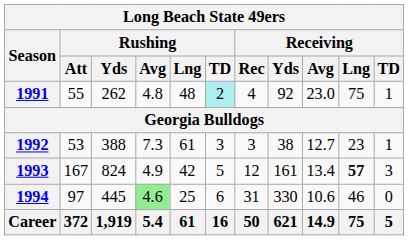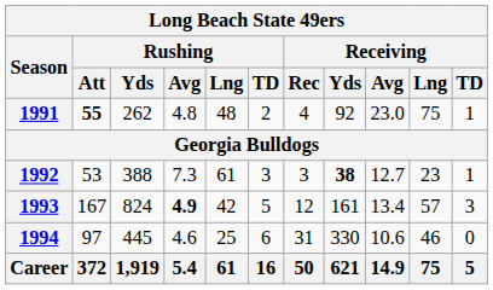 <table class=wikitable style="text-align:center">
 <tr>
 <th colspan="11">Long Beach State 49ers</th>
 </tr>
 <tr>
 <th rowspan="2">Season</th>
 <th colspan="5">Rushing</th>
 <th colspan="5">Receiving</th>
 </tr>
 <tr>
 <th>Att</th>
 <th>Yds</th>
 <th>Avg</th>
 <th>Lng</th>
 <th>TD</th>
 <th>Rec</th>
 <th>Yds</th>
 <th>Avg</th>
 <th>Lng</th>
 <th>TD</th>
 </tr>
 <tr>
 <th><a href='#'>1991</a></th>
-<td>55</td>
+<td><strong>55</strong></td>
 <td>262</td>
 <td>4.8</td>
 <td>48</td>
-<td style="background: paleturquoise;">2</td>
+<td>2</td>
 <td>4</td>
 <td>92</td>
 <td>23.0</td>
 <td>75</td>
 <td>1</td>
 </tr>
 <tr>
 <th colspan="11">Georgia Bulldogs</th>
 </tr>
 <tr>
 <th><a href='#'>1992</a></th>
 <td>53</td>
 <td>388</td>
 <td>7.3</td>
 <td>61</td>
 <td>3</td>
 <td>3</td>
-<td>38</td>
+<td><strong>38</strong></td>
 <td>12.7</td>
 <td>23</td>
 <td>1</td>
 </tr>
 <tr>
 <th><a href='#'>1993</a></th>
 <td>167</td>
 <td>824</td>
-<td>4.9</td>
+<td><strong>4.9</strong></td>
 <td>42</td>
 <td>5</td>
 <td>12</td>
 <td>161</td>
 <td>13.4</td>
-<td><strong>57</strong></td>
+<td>57</td>
 <td>3</td>
 </tr>
 <tr>
 <th><a href='#'>1994</a></th>
 <td>97</td>
 <td>445</td>
-<td style="background: lightgreen;">4.6</td>
+<td>4.6</td>
 <td>25</td>
 <td>6</td>
 <td>31</td>
 <td>330</td>
 <td>10.6</td>
 <td>46</td>
 <td>0</td>
 </tr>
 <tr>
 <th>Career</th>
 <th>372</th>
 <th>1,919</th>
 <th>5.4</th>
 <th>61</th>
 <th>16</th>
 <th>50</th>
 <th>621</th>
 <th>14.9</th>
 <th>75</th>
 <th>5</th>
 </tr>
 </table>
